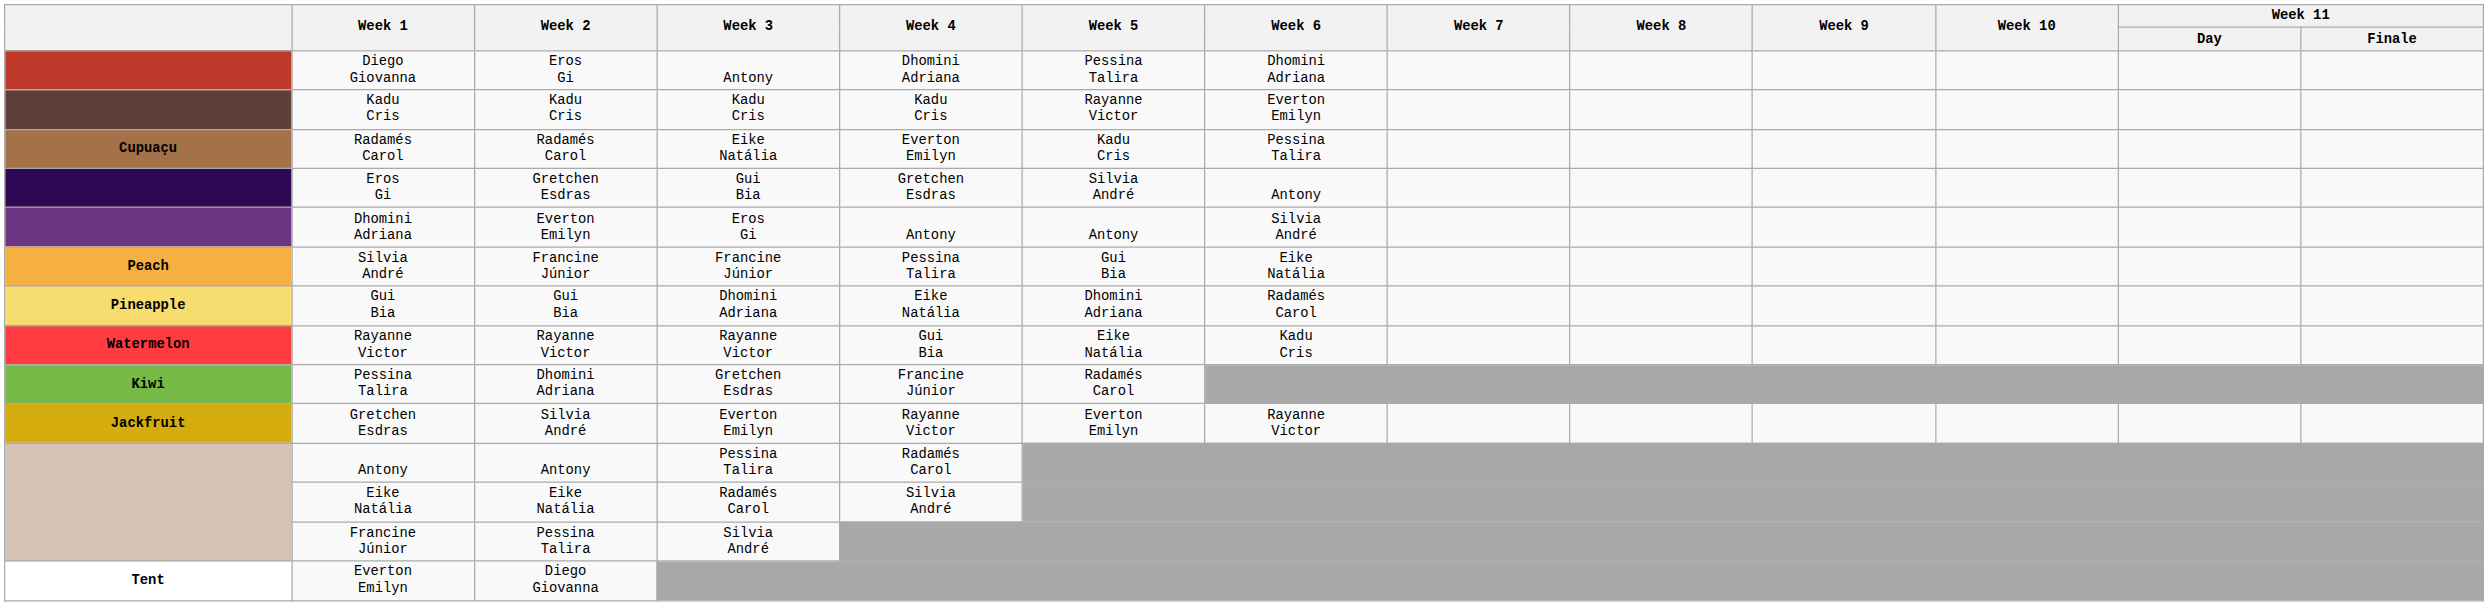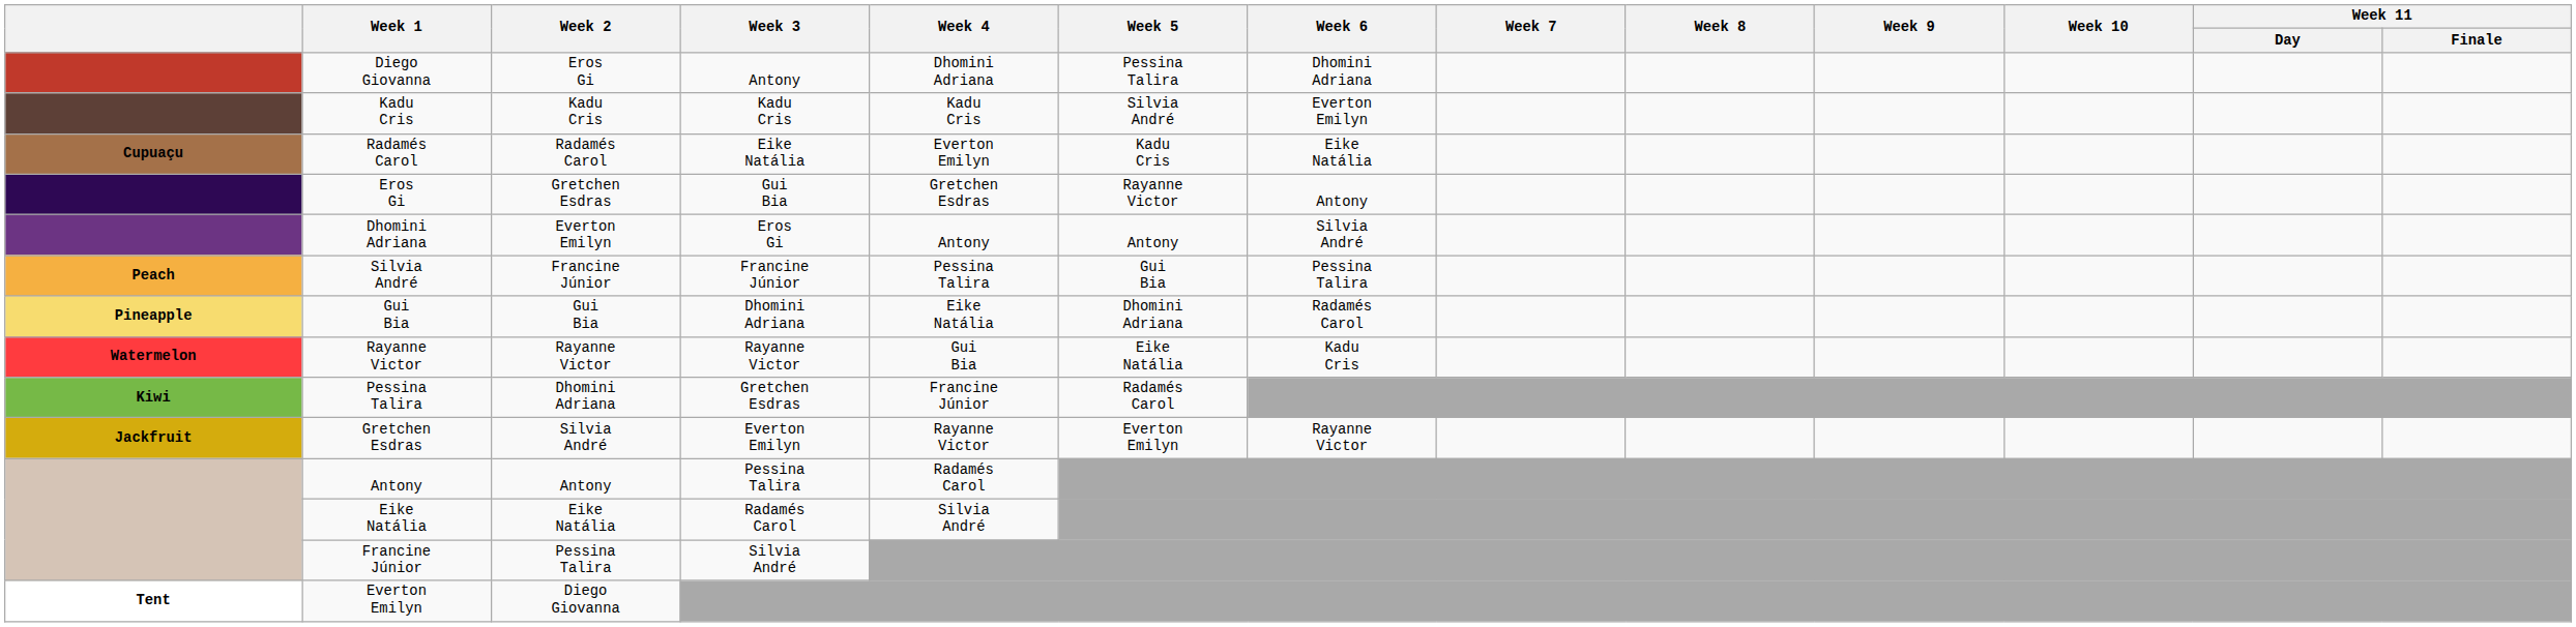 <table class="wikitable" style="text-align:center; font-size:85%; width:100%; line-height:13px;">
 <tr>
 <th rowspan=2 width="11%"></th>
 <th rowspan=2 width="07%">Week 1</th>
 <th rowspan=2 width="07%">Week 2</th>
 <th rowspan=2 width="07%">Week 3</th>
 <th rowspan=2 width="07%">Week 4</th>
 <th rowspan=2 width="07%">Week 5</th>
 <th rowspan=2 width="07%">Week 6</th>
 <th rowspan=2 width="07%">Week 7</th>
 <th rowspan=2 width="07%">Week 8</th>
 <th rowspan=2 width="07%">Week 9</th>
 <th rowspan=2 width="07%">Week 10</th>
 <th colspan=2 width="14%">Week 11</th>
 </tr>
 <tr>
 <th width="07%">Day</th>
 <th width="07%">Finale</th>
 </tr>
 <tr>
 <td bgcolor=C0392B><strong></strong></td>
 <td>Diego<br>Giovanna</td>
 <td>Eros<br>Gi</td>
 <td><br>Antony</td>
 <td>Dhomini<br>Adriana</td>
 <td>Pessina<br>Talira</td>
 <td>Dhomini<br>Adriana</td>
 <td></td>
 <td></td>
 <td></td>
 <td></td>
 <td></td>
 <td></td>
 </tr>
 <tr>
 <td bgcolor=#5D4037><strong></strong></td>
 <td>Kadu<br>Cris</td>
 <td>Kadu<br>Cris</td>
 <td>Kadu<br>Cris</td>
 <td>Kadu<br>Cris</td>
-<td>Rayanne<br>Victor</td>
+<td>Silvia<br>André</td>
 <td>Everton<br>Emilyn</td>
 <td></td>
 <td></td>
 <td></td>
 <td></td>
 <td></td>
 <td></td>
 </tr>
 <tr>
 <td bgcolor=#A47149><strong>Cupuaçu<br></strong></td>
 <td>Radamés<br>Carol</td>
 <td>Radamés<br>Carol</td>
 <td>Eike<br>Natália</td>
 <td>Everton<br>Emilyn</td>
 <td>Kadu<br>Cris</td>
-<td>Pessina<br>Talira</td>
+<td>Eike<br>Natália</td>
 <td></td>
 <td></td>
 <td></td>
 <td></td>
 <td></td>
 <td></td>
 </tr>
 <tr>
 <td bgcolor=#2E0854><strong></strong></td>
 <td>Eros<br>Gi</td>
 <td>Gretchen<br>Esdras</td>
 <td>Gui<br>Bia</td>
 <td>Gretchen<br>Esdras</td>
-<td>Silvia<br>André</td>
+<td>Rayanne<br>Victor</td>
 <td><br>Antony</td>
 <td></td>
 <td></td>
 <td></td>
 <td></td>
 <td></td>
 <td></td>
 </tr>
 <tr>
 <td bgcolor="#6C3483"><strong></strong></td>
 <td>Dhomini<br>Adriana</td>
 <td>Everton<br>Emilyn</td>
 <td>Eros<br>Gi</td>
 <td><br>Antony</td>
 <td><br>Antony</td>
 <td>Silvia<br>André</td>
 <td></td>
 <td></td>
 <td></td>
 <td></td>
 <td></td>
 <td></td>
 </tr>
 <tr>
 <td bgcolor="#F5B041"><strong>Peach</strong></td>
 <td>Silvia<br>André</td>
 <td>Francine<br>Júnior</td>
 <td>Francine<br>Júnior</td>
 <td>Pessina<br>Talira</td>
 <td>Gui<br>Bia</td>
-<td>Eike<br>Natália</td>
+<td>Pessina<br>Talira</td>
 <td></td>
 <td></td>
 <td></td>
 <td></td>
 <td></td>
 <td></td>
 </tr>
 <tr>
 <td bgcolor="#F7DC6F"><strong>Pineapple</strong></td>
 <td>Gui<br>Bia</td>
 <td>Gui<br>Bia</td>
 <td>Dhomini<br>Adriana</td>
 <td>Eike<br>Natália</td>
 <td>Dhomini<br>Adriana</td>
 <td>Radamés<br>Carol</td>
 <td></td>
 <td></td>
 <td></td>
 <td></td>
 <td></td>
 <td></td>
 </tr>
 <tr>
 <td bgcolor="#FF3B3F"><strong>Watermelon</strong></td>
 <td>Rayanne<br>Victor</td>
 <td>Rayanne<br>Victor</td>
 <td>Rayanne<br>Victor</td>
 <td>Gui<br>Bia</td>
 <td>Eike<br>Natália</td>
 <td>Kadu<br>Cris</td>
 <td></td>
 <td></td>
 <td></td>
 <td></td>
 <td></td>
 <td></td>
 </tr>
 <tr>
 <td bgcolor="#76B947"><strong>Kiwi<br></strong></td>
 <td>Pessina<br>Talira</td>
 <td>Dhomini<br>Adriana</td>
 <td>Gretchen<br>Esdras</td>
 <td>Francine<br>Júnior</td>
 <td>Radamés<br>Carol</td>
 <td colspan="7" bgcolor="A9A9A9"></td>
 </tr>
 <tr>
 <td bgcolor="#D4AC0D"><strong>Jackfruit<br></strong></td>
 <td>Gretchen<br>Esdras</td>
 <td>Silvia<br>André</td>
 <td>Everton<br>Emilyn</td>
 <td>Rayanne<br>Victor</td>
 <td>Everton<br>Emilyn</td>
 <td>Rayanne<br>Victor</td>
 <td></td>
 <td></td>
 <td></td>
 <td></td>
 <td></td>
 <td></td>
 </tr>
 <tr>
 <td rowspan=3 bgcolor=#D5C4B6><strong></strong></td>
 <td><br>Antony</td>
 <td><br>Antony</td>
 <td>Pessina<br>Talira</td>
 <td>Radamés<br>Carol</td>
 <td colspan="8" bgcolor="A9A9A9"></td>
 </tr>
 <tr>
 <td>Eike<br>Natália</td>
 <td>Eike<br>Natália</td>
 <td>Radamés<br>Carol</td>
 <td>Silvia<br>André</td>
 <td colspan="8" bgcolor="A9A9A9"></td>
 </tr>
 <tr>
 <td>Francine<br>Júnior</td>
 <td>Pessina<br>Talira</td>
 <td>Silvia<br>André</td>
 <td colspan="9" bgcolor="A9A9A9"></td>
 </tr>
 <tr>
 <td bgcolor=#FFFFFF><strong>Tent</strong></td>
 <td>Everton<br>Emilyn</td>
 <td>Diego<br>Giovanna</td>
 <td colspan="10" bgcolor="A9A9A9"></td>
 </tr>
 </table>
